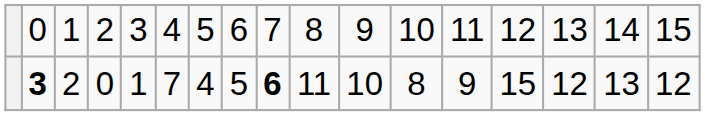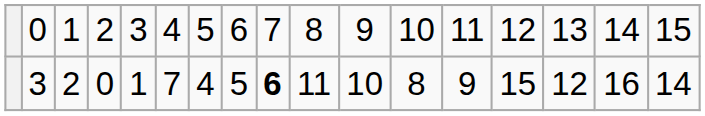 <table class="wikitable" style="margin-left: auto; margin-right:auto; border: none;">
 <tr>
 <th></th>
 <td style="text-align:center;">0</td>
 <td style="text-align:center;">1</td>
 <td style="text-align:center;">2</td>
 <td style="text-align:center;">3</td>
 <td style="text-align:center;">4</td>
 <td style="text-align:center;">5</td>
 <td style="text-align:center;">6</td>
 <td style="text-align:center;">7</td>
 <td style="text-align:center;">8</td>
 <td style="text-align:center;">9</td>
 <td style="text-align:center;">10</td>
 <td style="text-align:center;">11</td>
 <td style="text-align:center;">12</td>
 <td style="text-align:center;">13</td>
 <td style="text-align:center;">14</td>
 <td style="text-align:center;">15</td>
 </tr>
 <tr>
 <th></th>
-<td style="text-align:center;"><strong>3</strong></td>
+<td style="text-align:center;">3</td>
 <td style="text-align:center;">2</td>
 <td style="text-align:center;">0</td>
 <td style="text-align:center;">1</td>
 <td style="text-align:center;">7</td>
 <td style="text-align:center;">4</td>
 <td style="text-align:center;">5</td>
 <td style="text-align:center;"><strong>6</strong></td>
 <td style="text-align:center;">11</td>
 <td style="text-align:center;">10</td>
 <td style="text-align:center;">8</td>
 <td style="text-align:center;">9</td>
 <td style="text-align:center;">15</td>
 <td style="text-align:center;">12</td>
-<td style="text-align:center;">13</td>
-<td style="text-align:center;">12</td>
+<td style="text-align:center;">16</td>
+<td style="text-align:center;">14</td>
 </tr>
 </table>
